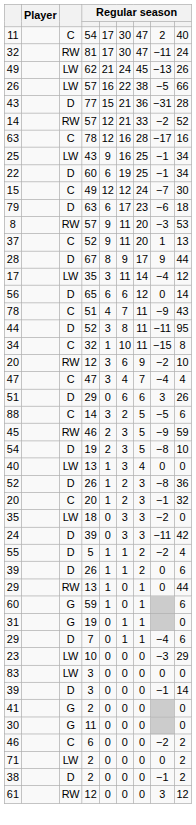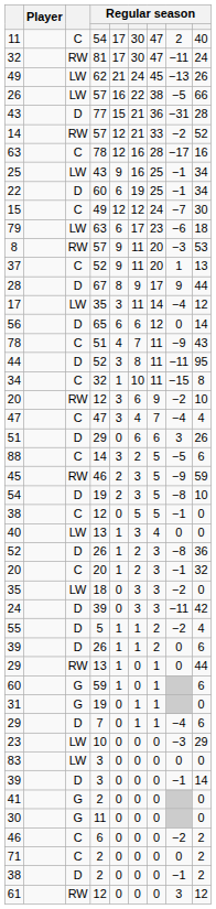 <table class="wikitable sortable plainrowheaders" style="text-align:center;">
 <tr>
 <th scope="col" data-sort-type="number" rowspan="2"></th>
 <th scope="col" rowspan="2">Player</th>
 <th scope="col" rowspan="2"></th>
 <th scope=colgroup colspan=6>Regular season</th>
 </tr>
 <tr>
 <th scope="col" data-sort-type="number"></th>
 <th scope="col" data-sort-type="number"></th>
 <th scope="col" data-sort-type="number"></th>
 <th scope="col" data-sort-type="number"></th>
 <th scope="col" data-sort-type="number"></th>
 <th scope="col" data-sort-type="number"></th>
 </tr>
 <tr>
 <td scope="row">11</td>
 <td align="left"></td>
 <td>C</td>
 <td>54</td>
 <td>17</td>
 <td>30</td>
 <td>47</td>
 <td>2</td>
 <td>40</td>
 </tr>
 <tr>
 <td scope="row">32</td>
 <td align="left"></td>
 <td>RW</td>
 <td>81</td>
 <td>17</td>
 <td>30</td>
 <td>47</td>
 <td>−11</td>
 <td>24</td>
 </tr>
 <tr>
 <td scope="row">49</td>
 <td align="left"></td>
 <td>LW</td>
 <td>62</td>
 <td>21</td>
 <td>24</td>
 <td>45</td>
 <td>−13</td>
 <td>26</td>
 </tr>
 <tr>
 <td scope="row">26</td>
 <td align="left"></td>
 <td>LW</td>
 <td>57</td>
 <td>16</td>
 <td>22</td>
 <td>38</td>
 <td>−5</td>
 <td>66</td>
 </tr>
 <tr>
 <td scope="row">43</td>
 <td align="left"></td>
 <td>D</td>
 <td>77</td>
 <td>15</td>
 <td>21</td>
 <td>36</td>
 <td>−31</td>
 <td>28</td>
 </tr>
 <tr>
 <td scope="row">14</td>
 <td align="left"></td>
 <td>RW</td>
 <td>57</td>
 <td>12</td>
 <td>21</td>
 <td>33</td>
 <td>−2</td>
 <td>52</td>
 </tr>
 <tr>
 <td scope="row">63</td>
 <td align="left"></td>
 <td>C</td>
 <td>78</td>
 <td>12</td>
 <td>16</td>
 <td>28</td>
 <td>−17</td>
 <td>16</td>
 </tr>
 <tr>
 <td scope="row">25</td>
 <td align="left"></td>
 <td>LW</td>
 <td>43</td>
 <td>9</td>
 <td>16</td>
 <td>25</td>
 <td>−1</td>
 <td>34</td>
 </tr>
 <tr>
 <td scope="row">22</td>
 <td align="left"></td>
 <td>D</td>
 <td>60</td>
 <td>6</td>
 <td>19</td>
 <td>25</td>
 <td>−1</td>
 <td>34</td>
 </tr>
 <tr>
 <td scope="row">15</td>
 <td align="left"></td>
 <td>C</td>
 <td>49</td>
 <td>12</td>
 <td>12</td>
 <td>24</td>
 <td>−7</td>
 <td>30</td>
 </tr>
 <tr>
 <td scope="row">79</td>
 <td align="left"></td>
-<td>D</td>
+<td>LW</td>
 <td>63</td>
 <td>6</td>
 <td>17</td>
 <td>23</td>
 <td>−6</td>
 <td>18</td>
 </tr>
 <tr>
 <td scope="row">8</td>
 <td align="left"></td>
 <td>RW</td>
 <td>57</td>
 <td>9</td>
 <td>11</td>
 <td>20</td>
 <td>−3</td>
 <td>53</td>
 </tr>
 <tr>
 <td scope="row">37</td>
 <td align="left"></td>
 <td>C</td>
 <td>52</td>
 <td>9</td>
 <td>11</td>
 <td>20</td>
 <td>1</td>
 <td>13</td>
 </tr>
 <tr>
 <td scope="row">28</td>
 <td align="left"></td>
 <td>D</td>
 <td>67</td>
 <td>8</td>
 <td>9</td>
 <td>17</td>
 <td>9</td>
 <td>44</td>
 </tr>
 <tr>
 <td scope="row">17</td>
 <td align="left"></td>
 <td>LW</td>
 <td>35</td>
 <td>3</td>
 <td>11</td>
 <td>14</td>
 <td>−4</td>
 <td>12</td>
 </tr>
 <tr>
 <td scope="row">56</td>
 <td align="left"></td>
 <td>D</td>
 <td>65</td>
 <td>6</td>
 <td>6</td>
 <td>12</td>
 <td>0</td>
 <td>14</td>
 </tr>
 <tr>
 <td scope="row">78</td>
 <td align="left"></td>
 <td>C</td>
 <td>51</td>
 <td>4</td>
 <td>7</td>
 <td>11</td>
 <td>−9</td>
 <td>43</td>
 </tr>
 <tr>
 <td scope="row">44</td>
 <td align="left"></td>
 <td>D</td>
 <td>52</td>
 <td>3</td>
 <td>8</td>
 <td>11</td>
 <td>−11</td>
 <td>95</td>
 </tr>
 <tr>
 <td scope="row">34</td>
 <td align="left"></td>
 <td>C</td>
 <td>32</td>
 <td>1</td>
 <td>10</td>
 <td>11</td>
 <td>−15</td>
 <td>8</td>
 </tr>
 <tr>
 <td scope="row">20</td>
 <td align="left"></td>
 <td>RW</td>
 <td>12</td>
 <td>3</td>
 <td>6</td>
 <td>9</td>
 <td>−2</td>
 <td>10</td>
 </tr>
 <tr>
 <td scope="row">47</td>
 <td align="left"></td>
 <td>C</td>
 <td>47</td>
 <td>3</td>
 <td>4</td>
 <td>7</td>
 <td>−4</td>
 <td>4</td>
 </tr>
 <tr>
 <td scope="row">51</td>
 <td align="left"></td>
 <td>D</td>
 <td>29</td>
 <td>0</td>
 <td>6</td>
 <td>6</td>
 <td>3</td>
 <td>26</td>
 </tr>
 <tr>
 <td scope="row">88</td>
 <td align="left"></td>
 <td>C</td>
 <td>14</td>
 <td>3</td>
 <td>2</td>
 <td>5</td>
 <td>−5</td>
 <td>6</td>
 </tr>
 <tr>
 <td scope="row">45</td>
 <td align="left"></td>
 <td>RW</td>
 <td>46</td>
 <td>2</td>
 <td>3</td>
 <td>5</td>
 <td>−9</td>
 <td>59</td>
 </tr>
 <tr>
 <td scope="row">54</td>
 <td align="left"></td>
 <td>D</td>
 <td>19</td>
 <td>2</td>
 <td>3</td>
 <td>5</td>
 <td>−8</td>
 <td>10</td>
+</tr>
+<tr>
+<td scope="row">38</td>
+<td align="left"></td>
+<td>C</td>
+<td>12</td>
+<td>0</td>
+<td>5</td>
+<td>5</td>
+<td>−1</td>
+<td>0</td>
 </tr>
 <tr>
 <td scope="row">40</td>
 <td align="left"></td>
 <td>LW</td>
 <td>13</td>
 <td>1</td>
 <td>3</td>
 <td>4</td>
 <td>0</td>
 <td>0</td>
 </tr>
 <tr>
 <td scope="row">52</td>
 <td align="left"></td>
 <td>D</td>
 <td>26</td>
 <td>1</td>
 <td>2</td>
 <td>3</td>
 <td>−8</td>
 <td>36</td>
 </tr>
 <tr>
 <td scope="row">20</td>
 <td align="left"></td>
 <td>C</td>
 <td>20</td>
 <td>1</td>
 <td>2</td>
 <td>3</td>
 <td>−1</td>
 <td>32</td>
 </tr>
 <tr>
 <td scope="row">35</td>
 <td align="left"></td>
 <td>LW</td>
 <td>18</td>
 <td>0</td>
 <td>3</td>
 <td>3</td>
 <td>−2</td>
 <td>0</td>
 </tr>
 <tr>
 <td scope="row">24</td>
 <td align="left"></td>
 <td>D</td>
 <td>39</td>
 <td>0</td>
 <td>3</td>
 <td>3</td>
 <td>−11</td>
 <td>42</td>
 </tr>
 <tr>
 <td scope="row">55</td>
 <td align="left"></td>
 <td>D</td>
 <td>5</td>
 <td>1</td>
 <td>1</td>
 <td>2</td>
 <td>−2</td>
 <td>4</td>
 </tr>
 <tr>
 <td scope="row">39</td>
 <td align="left"></td>
 <td>D</td>
 <td>26</td>
 <td>1</td>
 <td>1</td>
 <td>2</td>
 <td>0</td>
 <td>6</td>
 </tr>
 <tr>
 <td scope="row">29</td>
 <td align="left"></td>
 <td>RW</td>
 <td>13</td>
 <td>1</td>
 <td>0</td>
 <td>1</td>
 <td>0</td>
 <td>44</td>
 </tr>
 <tr>
 <td scope="row">60</td>
 <td align="left"></td>
 <td>G</td>
 <td>59</td>
 <td>1</td>
 <td>0</td>
 <td>1</td>
 <td style="background:#ccc"></td>
 <td>6</td>
 </tr>
 <tr>
 <td scope="row">31</td>
 <td align="left"></td>
 <td>G</td>
 <td>19</td>
 <td>0</td>
 <td>1</td>
 <td>1</td>
 <td style="background:#ccc"></td>
 <td>0</td>
 </tr>
 <tr>
 <td scope="row">29</td>
 <td align="left"></td>
 <td>D</td>
 <td>7</td>
 <td>0</td>
 <td>1</td>
 <td>1</td>
 <td>−4</td>
 <td>6</td>
 </tr>
 <tr>
 <td scope="row">23</td>
 <td align="left"></td>
 <td>LW</td>
 <td>10</td>
 <td>0</td>
 <td>0</td>
 <td>0</td>
 <td>−3</td>
 <td>29</td>
 </tr>
 <tr>
 <td scope="row">83</td>
 <td align="left"></td>
 <td>LW</td>
 <td>3</td>
 <td>0</td>
 <td>0</td>
 <td>0</td>
 <td>0</td>
 <td>0</td>
 </tr>
 <tr>
 <td scope="row">39</td>
 <td align="left"></td>
 <td>D</td>
 <td>3</td>
 <td>0</td>
 <td>0</td>
 <td>0</td>
 <td>−1</td>
 <td>14</td>
 </tr>
 <tr>
 <td scope="row">41</td>
 <td align="left"></td>
 <td>G</td>
 <td>2</td>
 <td>0</td>
 <td>0</td>
 <td>0</td>
 <td style="background:#ccc"></td>
 <td>0</td>
 </tr>
 <tr>
 <td scope="row">30</td>
 <td align="left"></td>
 <td>G</td>
 <td>11</td>
 <td>0</td>
 <td>0</td>
 <td>0</td>
 <td style="background:#ccc"></td>
 <td>0</td>
 </tr>
 <tr>
 <td scope="row">46</td>
 <td align="left"></td>
 <td>C</td>
 <td>6</td>
 <td>0</td>
 <td>0</td>
 <td>0</td>
 <td>−2</td>
 <td>2</td>
 </tr>
 <tr>
 <td scope="row">71</td>
 <td align="left"></td>
-<td>LW</td>
+<td>C</td>
 <td>2</td>
 <td>0</td>
 <td>0</td>
 <td>0</td>
 <td>0</td>
 <td>2</td>
 </tr>
 <tr>
 <td scope="row">38</td>
 <td align="left"></td>
 <td>D</td>
 <td>2</td>
 <td>0</td>
 <td>0</td>
 <td>0</td>
 <td>−1</td>
 <td>2</td>
 </tr>
 <tr>
 <td scope="row">61</td>
 <td align="left"></td>
 <td>RW</td>
 <td>12</td>
 <td>0</td>
 <td>0</td>
 <td>0</td>
 <td>3</td>
 <td>12</td>
 </tr>
 </table>
